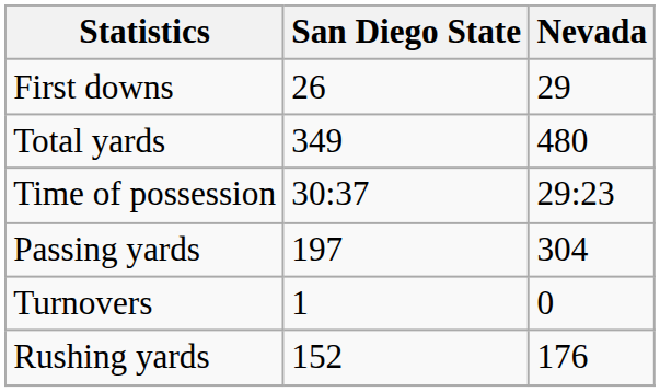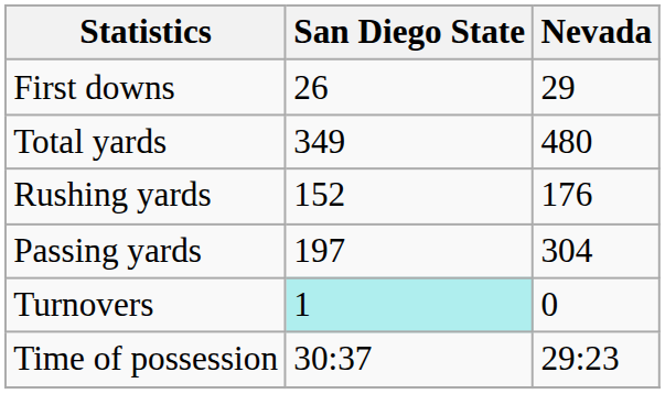 <table class="wikitable">
 <tr>
 <th>Statistics</th>
 <th>San Diego State</th>
 <th>Nevada</th>
 </tr>
 <tr>
 <td>First downs</td>
 <td>26</td>
 <td>29</td>
 </tr>
 <tr>
 <td>Total yards</td>
 <td>349</td>
 <td>480</td>
 </tr>
 <tr>
-<td>Time of possession</td>
-<td>30:37</td>
-<td>29:23</td>
+<td>Rushing yards</td>
+<td>152</td>
+<td>176</td>
 </tr>
 <tr>
 <td>Passing yards</td>
 <td>197</td>
 <td>304</td>
 </tr>
 <tr>
 <td>Turnovers</td>
-<td>1</td>
+<td style="background: paleturquoise;">1</td>
 <td>0</td>
 </tr>
 <tr>
-<td>Rushing yards</td>
-<td>152</td>
-<td>176</td>
+<td>Time of possession</td>
+<td>30:37</td>
+<td>29:23</td>
 </tr>
 <tr>
 </tr>
 </table>
